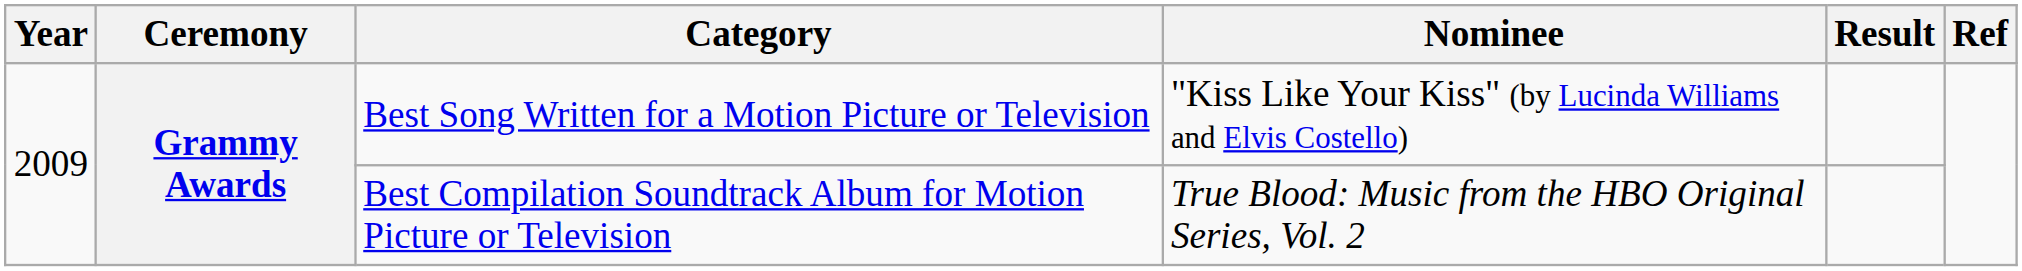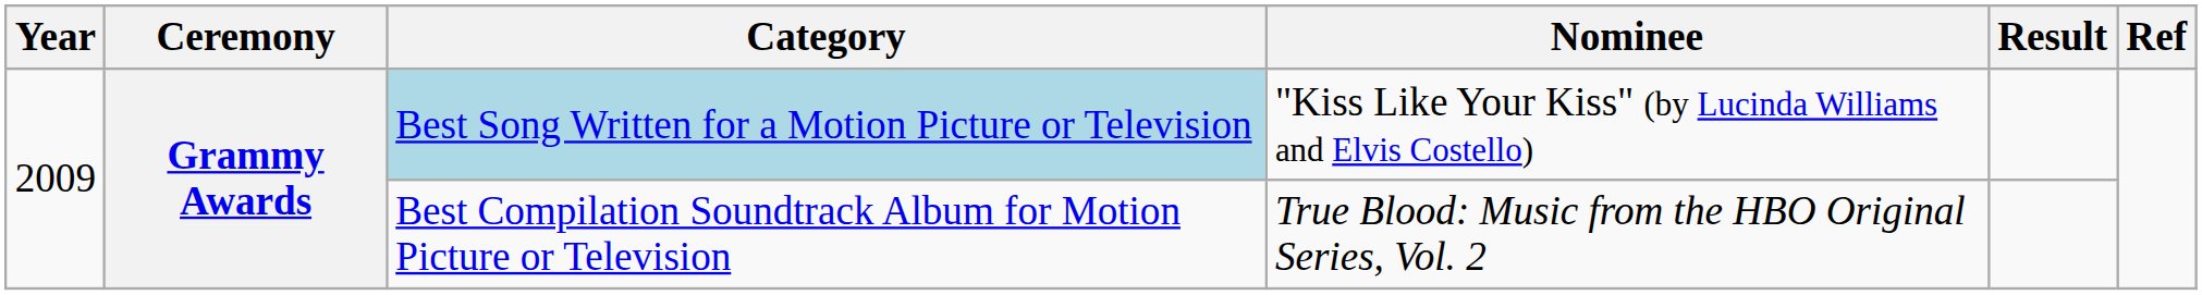 <table class="wikitable plainrowheaders sortable">
 <tr>
 <th scope="col">Year</th>
 <th scope="col">Ceremony</th>
 <th scope="col">Category</th>
 <th scope="col">Nominee</th>
 <th scope="col">Result</th>
 <th scope="col" class="unsortable">Ref</th>
 </tr>
 <tr>
 <td rowspan="2">2009</td>
 <th rowspan="2" scope="row"><a href='#'>Grammy Awards</a></th>
-<td><a href='#'>Best Song Written for a Motion Picture or Television</a></td>
+<td style="background: lightblue;"><a href='#'>Best Song Written for a Motion Picture or Television</a></td>
 <td>"Kiss Like Your Kiss" <small>(by <a href='#'>Lucinda Williams</a> and <a href='#'>Elvis Costello</a>)</small></td>
 <td></td>
 <td rowspan="2" align="center"></td>
 </tr>
 <tr>
 <td><a href='#'>Best Compilation Soundtrack Album for Motion Picture or Television</a></td>
 <td><em>True Blood: Music from the HBO Original Series, Vol. 2</em></td>
 <td></td>
 </tr>
 </table>
